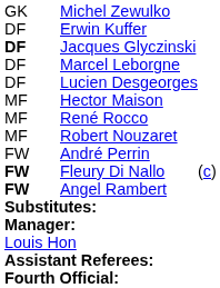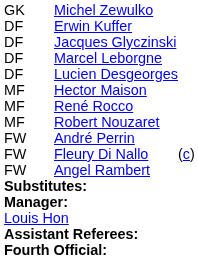 <table style=font-size:90% cellspacing=0 cellpadding=0>
 <tr>
 <td colspan=4></td>
 </tr>
 <tr>
 <th width=25></th>
 <th width=25></th>
 </tr>
 <tr>
 <td>GK</td>
 <td><strong> </strong></td>
 <td> <a href='#'>Michel Zewulko</a></td>
 </tr>
 <tr>
 <td>DF</td>
 <td><strong> </strong></td>
 <td> <a href='#'>Erwin Kuffer</a></td>
 </tr>
 <tr>
-<td><strong>DF</strong></td>
+<td>DF</td>
 <td><strong> </strong></td>
 <td> <a href='#'>Jacques Glyczinski</a></td>
 </tr>
 <tr>
 <td>DF</td>
 <td><strong> </strong></td>
 <td> <a href='#'>Marcel Leborgne</a></td>
 </tr>
 <tr>
 <td>DF</td>
 <td><strong> </strong></td>
 <td> <a href='#'>Lucien Desgeorges</a></td>
 </tr>
 <tr>
 <td>MF</td>
 <td><strong> </strong></td>
 <td> <a href='#'>Hector Maison</a></td>
 </tr>
 <tr>
 <td>MF</td>
 <td><strong> </strong></td>
 <td> <a href='#'>René Rocco</a></td>
 </tr>
 <tr>
 <td>MF</td>
 <td><strong> </strong></td>
 <td> <a href='#'>Robert Nouzaret</a></td>
 </tr>
 <tr>
 <td>FW</td>
 <td><strong> </strong></td>
 <td> <a href='#'>André Perrin</a></td>
 </tr>
 <tr>
-<td><strong>FW</strong></td>
+<td>FW</td>
 <td><strong> </strong></td>
 <td> <a href='#'>Fleury Di Nallo</a></td>
 <td>(<a href='#'>c</a>)</td>
 </tr>
 <tr>
-<td><strong>FW</strong></td>
+<td>FW</td>
 <td><strong> </strong></td>
 <td> <a href='#'>Angel Rambert</a></td>
 </tr>
 <tr>
 <td colspan=3><strong>Substitutes:</strong></td>
 </tr>
 <tr>
 <td colspan=3><strong>Manager:</strong></td>
 </tr>
 <tr>
 <td colspan=4> <a href='#'>Louis Hon</a><br><strong>Assistant Referees:</strong><br> <strong>Fourth Official:</strong><br></td>
 </tr>
 </table>
